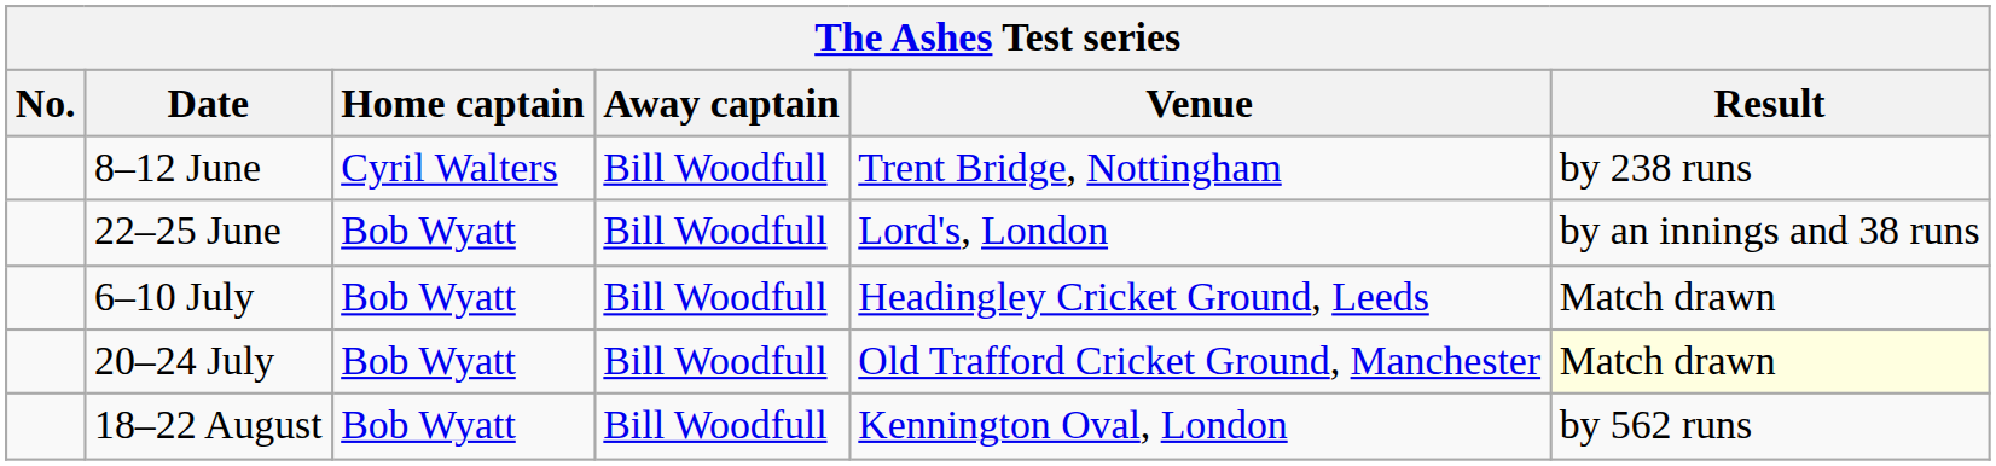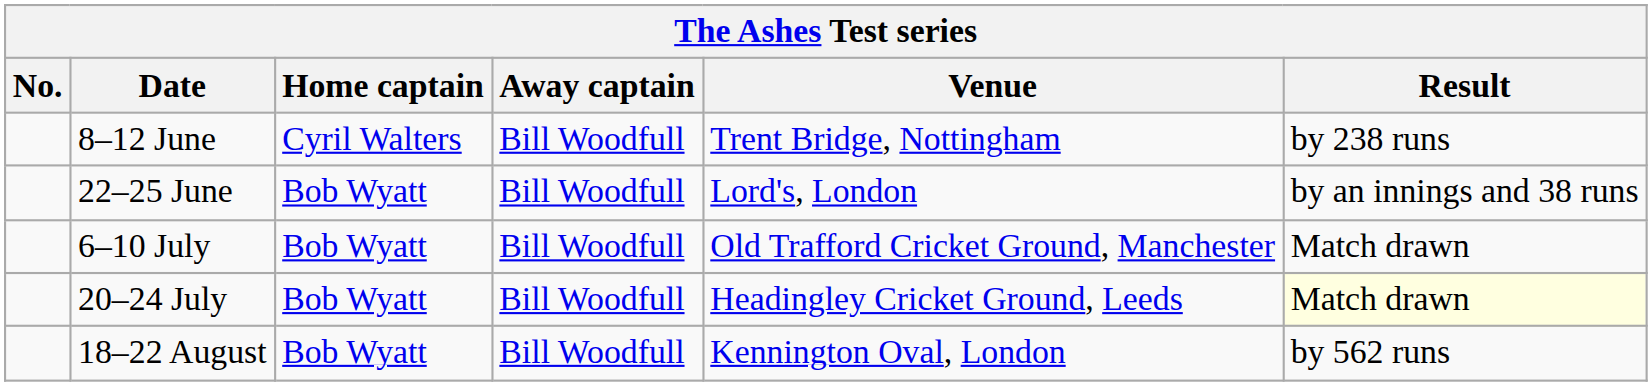 <table class="wikitable">
 <tr>
 <th colspan="9"><a href='#'>The Ashes</a> Test series</th>
 </tr>
 <tr>
 <th>No.</th>
 <th>Date</th>
 <th>Home captain</th>
 <th>Away captain</th>
 <th>Venue</th>
 <th>Result</th>
 </tr>
 <tr>
 <td></td>
 <td>8–12 June</td>
 <td><a href='#'>Cyril Walters</a></td>
 <td><a href='#'>Bill Woodfull</a></td>
 <td><a href='#'>Trent Bridge</a>, <a href='#'>Nottingham</a></td>
 <td> by 238 runs</td>
 </tr>
 <tr>
 <td></td>
 <td>22–25 June</td>
 <td><a href='#'>Bob Wyatt</a></td>
 <td><a href='#'>Bill Woodfull</a></td>
 <td><a href='#'>Lord's</a>, <a href='#'>London</a></td>
 <td> by an innings and 38 runs</td>
 </tr>
 <tr>
 <td></td>
 <td>6–10 July</td>
 <td><a href='#'>Bob Wyatt</a></td>
 <td><a href='#'>Bill Woodfull</a></td>
-<td><a href='#'>Headingley Cricket Ground</a>, <a href='#'>Leeds</a></td>
+<td><a href='#'>Old Trafford Cricket Ground</a>, <a href='#'>Manchester</a></td>
 <td>Match drawn</td>
 </tr>
 <tr>
 <td></td>
 <td>20–24 July</td>
 <td><a href='#'>Bob Wyatt</a></td>
 <td><a href='#'>Bill Woodfull</a></td>
-<td><a href='#'>Old Trafford Cricket Ground</a>, <a href='#'>Manchester</a></td>
+<td><a href='#'>Headingley Cricket Ground</a>, <a href='#'>Leeds</a></td>
 <td style="background: lightyellow;">Match drawn</td>
 </tr>
 <tr>
 <td></td>
 <td>18–22 August</td>
 <td><a href='#'>Bob Wyatt</a></td>
 <td><a href='#'>Bill Woodfull</a></td>
 <td><a href='#'>Kennington Oval</a>, <a href='#'>London</a></td>
 <td> by 562 runs</td>
 </tr>
 </table>
